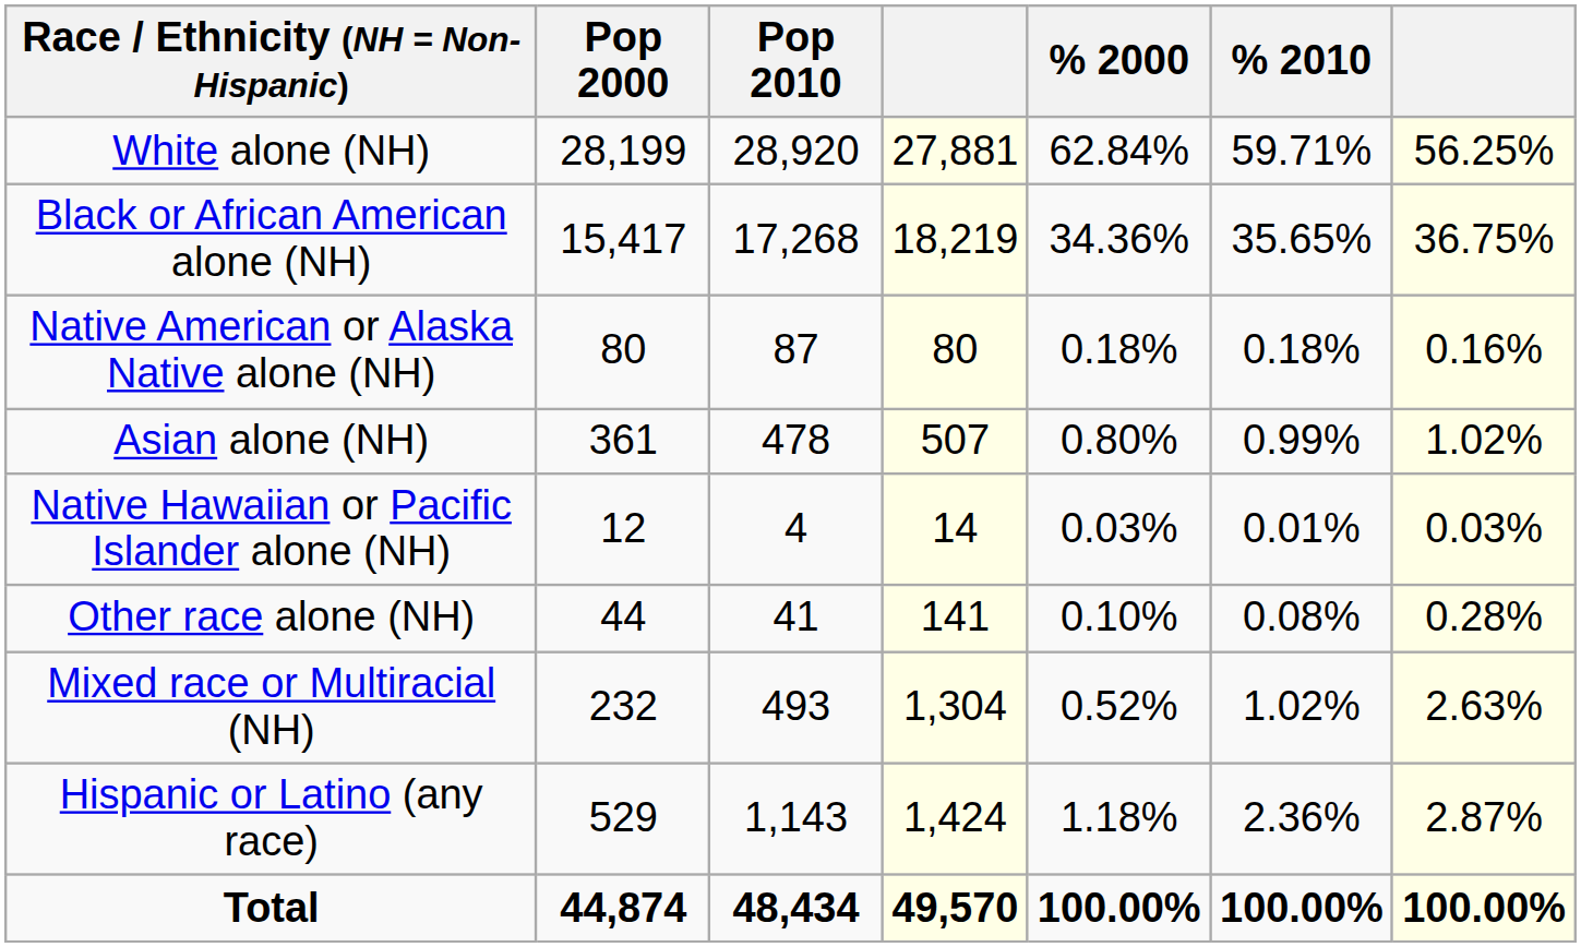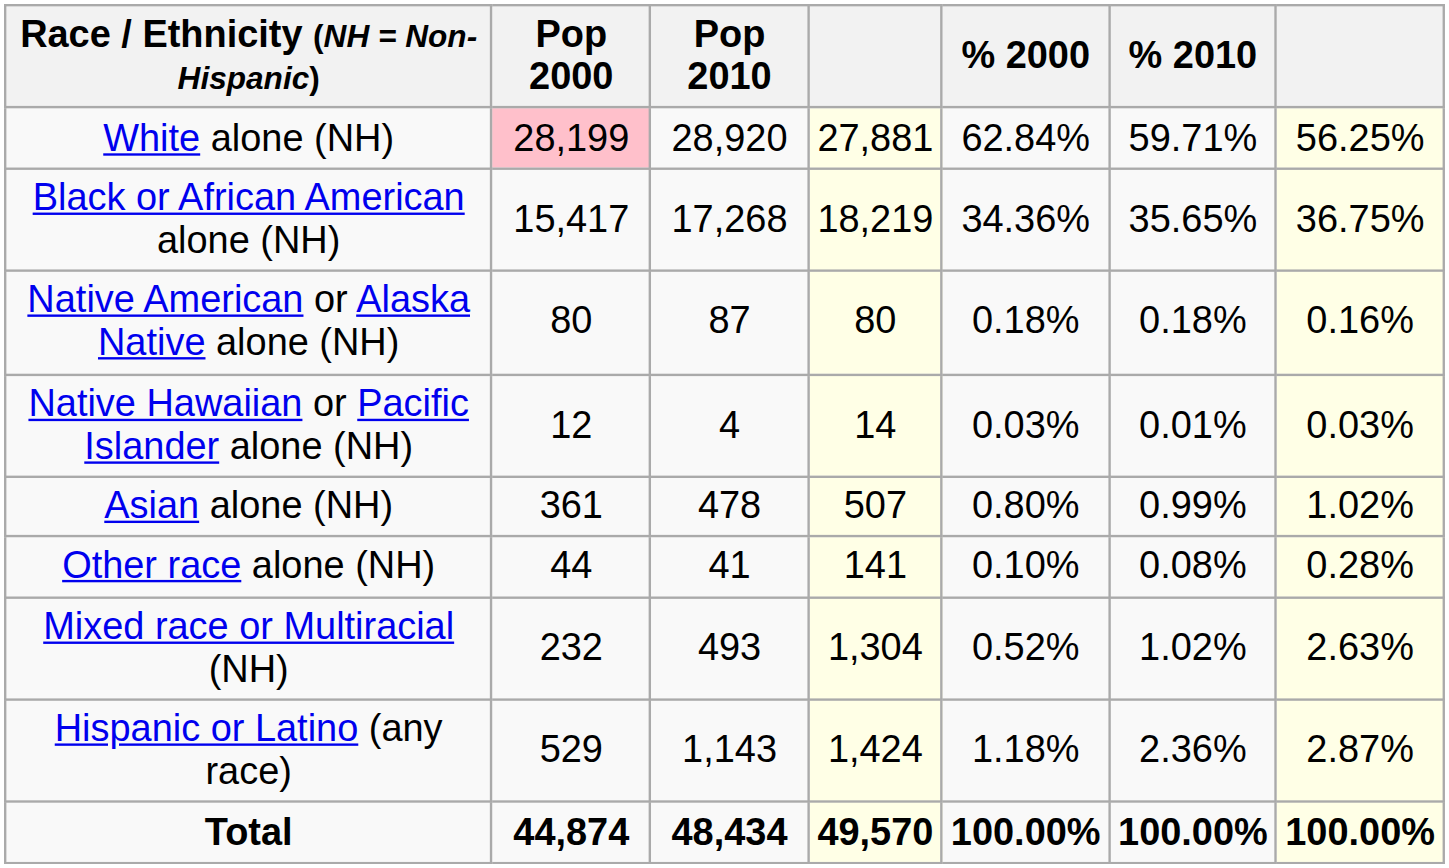 <table class="wikitable" style="text-align:center;">
 <tr>
 <th>Race / Ethnicity <small>(<em>NH = Non-Hispanic</em>)</small></th>
 <th>Pop 2000</th>
 <th>Pop 2010</th>
 <th></th>
 <th>% 2000</th>
 <th>% 2010</th>
 <th></th>
 </tr>
 <tr>
 <td><a href='#'>White</a> alone (NH)</td>
-<td>28,199</td>
+<td style="background: pink;">28,199</td>
 <td>28,920</td>
 <td style='background: #ffffe6;'>27,881</td>
 <td>62.84%</td>
 <td>59.71%</td>
 <td style='background: #ffffe6;'>56.25%</td>
 </tr>
 <tr>
 <td><a href='#'>Black or African American</a> alone (NH)</td>
 <td>15,417</td>
 <td>17,268</td>
 <td style='background: #ffffe6;'>18,219</td>
 <td>34.36%</td>
 <td>35.65%</td>
 <td style='background: #ffffe6;'>36.75%</td>
 </tr>
 <tr>
 <td><a href='#'>Native American</a> or <a href='#'>Alaska Native</a> alone (NH)</td>
 <td>80</td>
 <td>87</td>
 <td style='background: #ffffe6;'>80</td>
 <td>0.18%</td>
 <td>0.18%</td>
 <td style='background: #ffffe6;'>0.16%</td>
 </tr>
 <tr>
+<td><a href='#'>Native Hawaiian</a> or <a href='#'>Pacific Islander</a> alone (NH)</td>
+<td>12</td>
+<td>4</td>
+<td style='background: #ffffe6;'>14</td>
+<td>0.03%</td>
+<td>0.01%</td>
+<td style='background: #ffffe6;'>0.03%</td>
+</tr>
+<tr>
 <td><a href='#'>Asian</a> alone (NH)</td>
 <td>361</td>
 <td>478</td>
 <td style='background: #ffffe6;'>507</td>
 <td>0.80%</td>
 <td>0.99%</td>
 <td style='background: #ffffe6;'>1.02%</td>
-</tr>
-<tr>
-<td><a href='#'>Native Hawaiian</a> or <a href='#'>Pacific Islander</a> alone (NH)</td>
-<td>12</td>
-<td>4</td>
-<td style='background: #ffffe6;'>14</td>
-<td>0.03%</td>
-<td>0.01%</td>
-<td style='background: #ffffe6;'>0.03%</td>
 </tr>
 <tr>
 <td><a href='#'>Other race</a> alone (NH)</td>
 <td>44</td>
 <td>41</td>
 <td style='background: #ffffe6;'>141</td>
 <td>0.10%</td>
 <td>0.08%</td>
 <td style='background: #ffffe6;'>0.28%</td>
 </tr>
 <tr>
 <td><a href='#'>Mixed race or Multiracial</a> (NH)</td>
 <td>232</td>
 <td>493</td>
 <td style='background: #ffffe6;'>1,304</td>
 <td>0.52%</td>
 <td>1.02%</td>
 <td style='background: #ffffe6;'>2.63%</td>
 </tr>
 <tr>
 <td><a href='#'>Hispanic or Latino</a> (any race)</td>
 <td>529</td>
 <td>1,143</td>
 <td style='background: #ffffe6;'>1,424</td>
 <td>1.18%</td>
 <td>2.36%</td>
 <td style='background: #ffffe6;'>2.87%</td>
 </tr>
 <tr>
 <td><strong>Total</strong></td>
 <td><strong>44,874</strong></td>
 <td><strong>48,434</strong></td>
 <td style='background: #ffffe6;'><strong>49,570</strong></td>
 <td><strong>100.00%</strong></td>
 <td><strong>100.00%</strong></td>
 <td style='background: #ffffe6;'><strong>100.00%</strong></td>
 </tr>
 </table>
